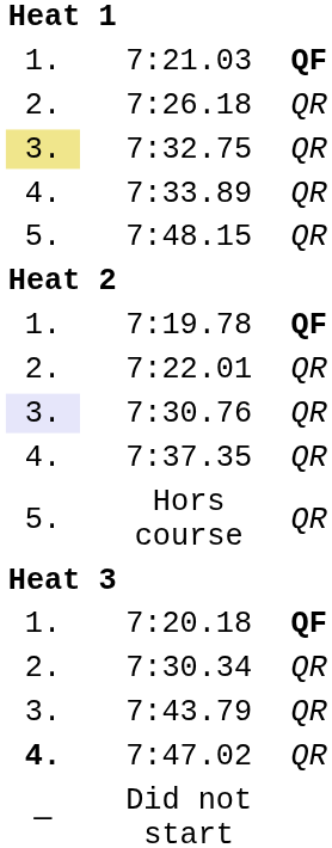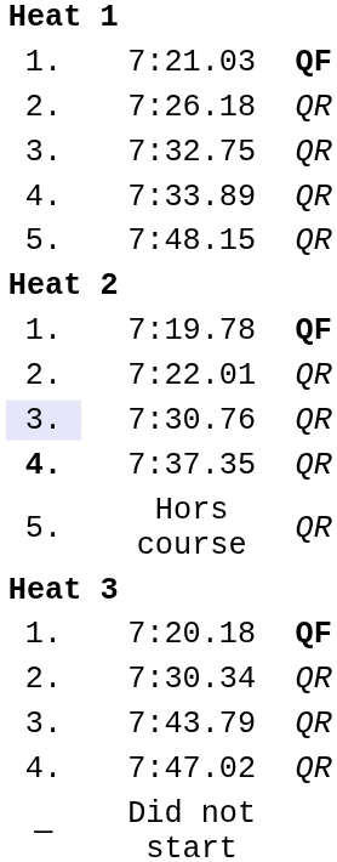 <table style="text-align:center">
 <tr>
 <td colspan=4 align=left><strong>Heat 1</strong></td>
 </tr>
 <tr>
 <td width=30>1.</td>
 <td align=left></td>
 <td width=80>7:21.03</td>
 <td><strong>QF</strong></td>
 </tr>
 <tr>
 <td>2.</td>
 <td align=left></td>
 <td>7:26.18</td>
 <td><em>QR</em></td>
 </tr>
 <tr>
-<td style="background: khaki;">3.</td>
+<td>3.</td>
 <td align=left></td>
 <td>7:32.75</td>
 <td><em>QR</em></td>
 </tr>
 <tr>
 <td>4.</td>
 <td align=left></td>
 <td>7:33.89</td>
 <td><em>QR</em></td>
 </tr>
 <tr>
 <td>5.</td>
 <td align=left></td>
 <td>7:48.15</td>
 <td><em>QR</em></td>
 </tr>
 <tr>
 <td colspan=4 align=left><strong>Heat 2</strong></td>
 </tr>
 <tr>
 <td>1.</td>
 <td align=left></td>
 <td>7:19.78</td>
 <td><strong>QF</strong></td>
 </tr>
 <tr>
 <td>2.</td>
 <td align=left></td>
 <td>7:22.01</td>
 <td><em>QR</em></td>
 </tr>
 <tr>
 <td style="background: lavender;">3.</td>
 <td align=left></td>
 <td>7:30.76</td>
 <td><em>QR</em></td>
 </tr>
 <tr>
-<td>4.</td>
+<td><strong>4.</strong></td>
 <td align=left></td>
 <td>7:37.35</td>
 <td><em>QR</em></td>
 </tr>
 <tr>
 <td>5.</td>
 <td align=left></td>
 <td>Hors course</td>
 <td><em>QR</em></td>
 </tr>
 <tr>
 <td colspan=4 align=left><strong>Heat 3</strong></td>
 </tr>
 <tr>
 <td>1.</td>
 <td align=left></td>
 <td>7:20.18</td>
 <td><strong>QF</strong></td>
 </tr>
 <tr>
 <td>2.</td>
 <td align=left></td>
 <td>7:30.34</td>
 <td><em>QR</em></td>
 </tr>
 <tr>
 <td>3.</td>
 <td align=left></td>
 <td>7:43.79</td>
 <td><em>QR</em></td>
 </tr>
 <tr>
-<td><strong>4.</strong></td>
+<td>4.</td>
 <td align=left></td>
 <td>7:47.02</td>
 <td><em>QR</em></td>
 </tr>
 <tr>
 <td>—</td>
 <td align=left></td>
 <td>Did not start</td>
 <td></td>
 </tr>
 </table>
